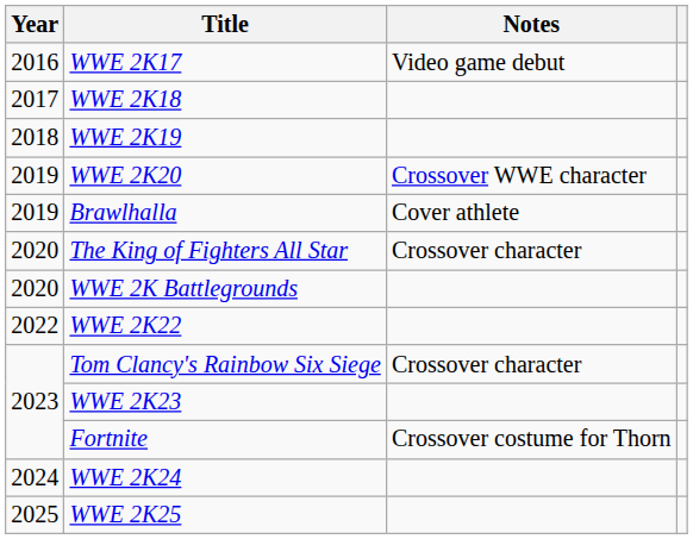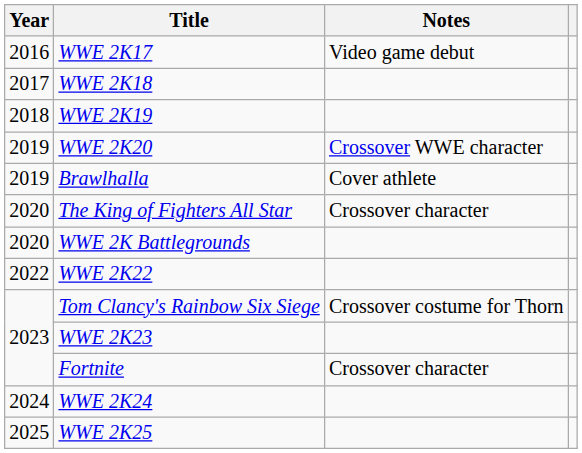 <table class="wikitable">
 <tr>
 <th>Year</th>
 <th>Title</th>
 <th>Notes</th>
 <th></th>
 </tr>
 <tr>
 <td>2016</td>
 <td><em><a href='#'>WWE 2K17</a></em></td>
 <td>Video game debut</td>
 <td></td>
 </tr>
 <tr>
 <td>2017</td>
 <td><em><a href='#'>WWE 2K18</a></em></td>
 <td></td>
 <td></td>
 </tr>
 <tr>
 <td>2018</td>
 <td><em><a href='#'>WWE 2K19</a></em></td>
 <td></td>
 <td></td>
 </tr>
 <tr>
 <td>2019</td>
 <td><em><a href='#'>WWE 2K20</a></em></td>
 <td><a href='#'>Crossover</a> WWE character</td>
 <td></td>
 </tr>
 <tr>
 <td>2019</td>
 <td><em><a href='#'>Brawlhalla</a></em></td>
 <td>Cover athlete</td>
 <td></td>
 </tr>
 <tr>
 <td>2020</td>
 <td><em><a href='#'>The King of Fighters All Star</a></em></td>
 <td>Crossover character</td>
 <td></td>
 </tr>
 <tr>
 <td>2020</td>
 <td><em><a href='#'>WWE 2K Battlegrounds</a></em></td>
 <td></td>
 <td></td>
 </tr>
 <tr>
 <td>2022</td>
 <td><em><a href='#'>WWE 2K22</a></em></td>
 <td></td>
 <td></td>
 </tr>
 <tr>
 <td rowspan="3">2023</td>
 <td><em><a href='#'>Tom Clancy's Rainbow Six Siege</a></em></td>
-<td>Crossover character</td>
+<td>Crossover costume for Thorn</td>
 <td></td>
 </tr>
 <tr>
 <td><em><a href='#'>WWE 2K23</a></em></td>
 <td></td>
 <td></td>
 </tr>
 <tr>
 <td><em><a href='#'>Fortnite</a></em></td>
-<td>Crossover costume for Thorn</td>
+<td>Crossover character</td>
 <td></td>
 </tr>
 <tr>
 <td>2024</td>
 <td><em><a href='#'>WWE 2K24</a></em></td>
 <td></td>
 <td></td>
 </tr>
 <tr>
 <td>2025</td>
 <td><em><a href='#'>WWE 2K25</a></em></td>
 <td></td>
 </tr>
 </table>
